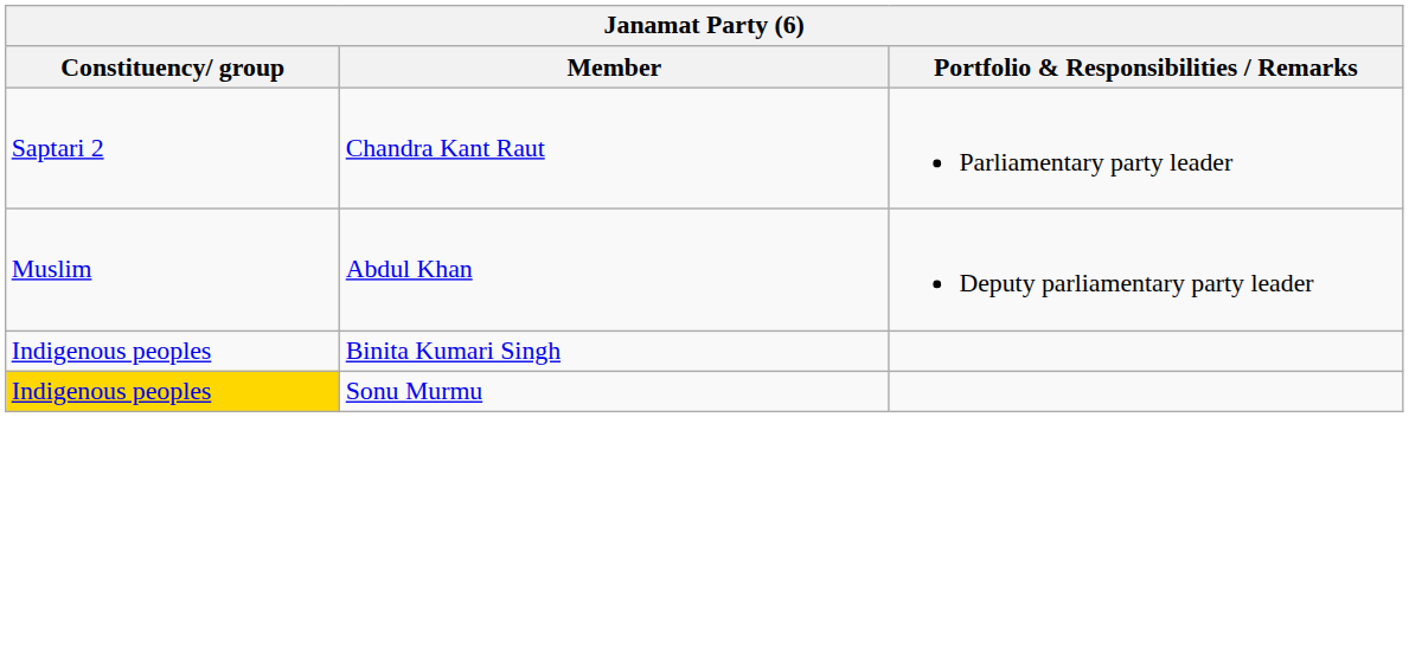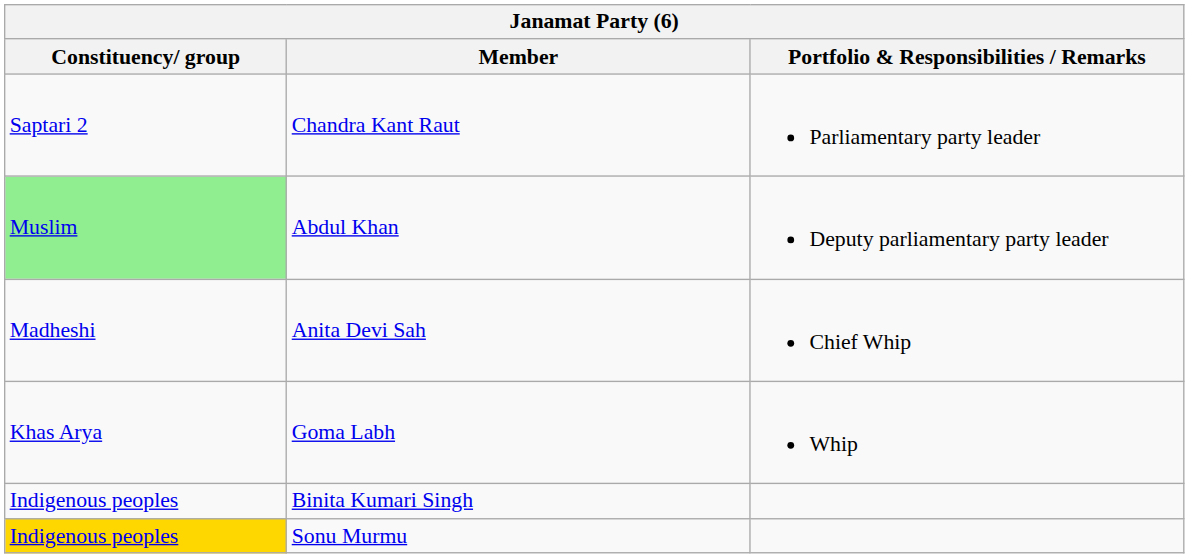 <table class="wikitable sortable">
 <tr>
 <th colspan="3" style="width: 800pt; background:">Janamat Party (6)</th>
 </tr>
 <tr>
 <th style="width:150pt;">Constituency/ group</th>
 <th style="width:250pt;">Member</th>
 <th>Portfolio & Responsibilities / Remarks</th>
 </tr>
 <tr>
 <td><a href='#'>Saptari 2</a></td>
 <td><a href='#'>Chandra Kant Raut</a></td>
 <td><br><ul><li>Parliamentary party leader</li></ul></td>
 </tr>
 <tr>
-<td><a href='#'>Muslim</a></td>
+<td style="background: lightgreen;"><a href='#'>Muslim</a></td>
 <td><a href='#'>Abdul Khan</a></td>
 <td><br><ul><li>Deputy parliamentary party leader</li></ul></td>
+</tr>
+<tr>
+<td><a href='#'>Madheshi</a></td>
+<td><a href='#'>Anita Devi Sah</a></td>
+<td><br><ul><li>Chief Whip</li></ul></td>
+</tr>
+<tr>
+<td><a href='#'>Khas Arya</a></td>
+<td><a href='#'>Goma Labh</a></td>
+<td><br><ul><li>Whip</li></ul></td>
 </tr>
 <tr>
 <td><a href='#'>Indigenous peoples</a></td>
 <td><a href='#'>Binita Kumari Singh</a></td>
 <td></td>
 </tr>
 <tr>
 <td style="background: gold;"><a href='#'>Indigenous peoples</a></td>
 <td><a href='#'>Sonu Murmu</a></td>
 <td></td>
 </tr>
 </table>
